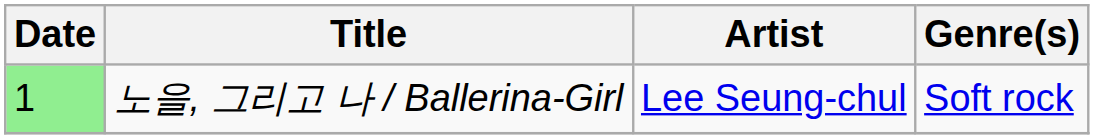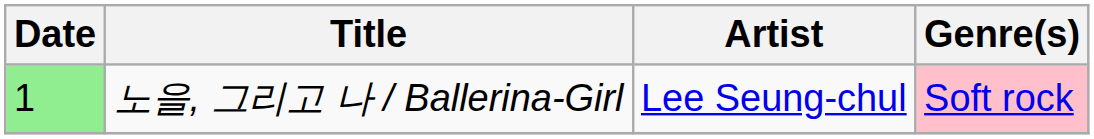 <table class="wikitable" style="text-align: left;">
 <tr>
 <th>Date</th>
 <th>Title</th>
 <th>Artist</th>
 <th>Genre(s)</th>
 </tr>
 <tr>
 <td style="background: lightgreen;">1</td>
 <td><em>노을, 그리고 나 / Ballerina-Girl</em></td>
 <td><a href='#'>Lee Seung-chul</a></td>
-<td><a href='#'>Soft rock</a></td>
+<td style="background: pink;"><a href='#'>Soft rock</a></td>
 </tr>
 <tr>
 </tr>
 </table>
